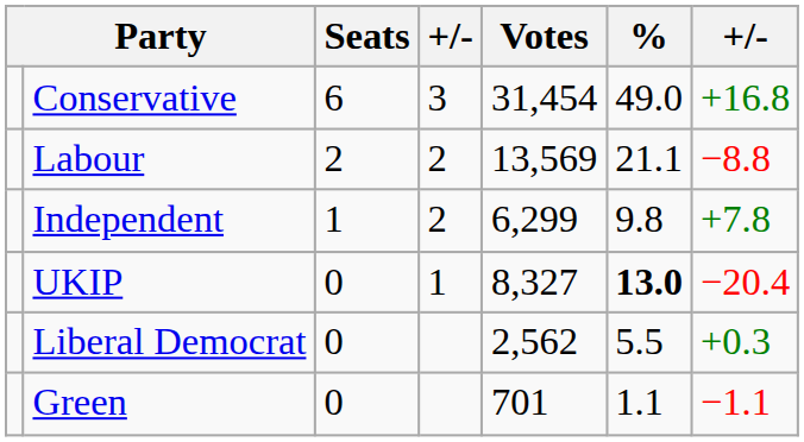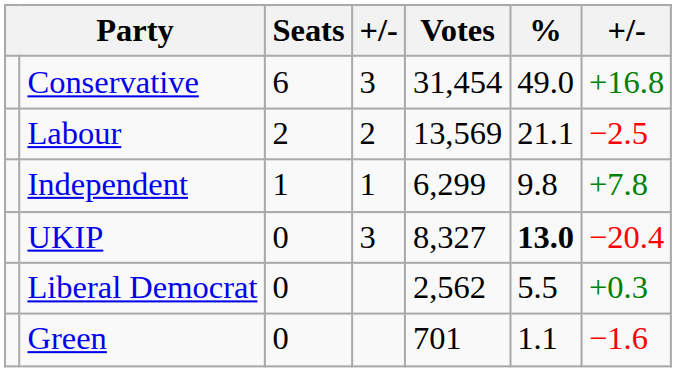 <table class="wikitable sortable">
 <tr>
 <th colspan="2">Party</th>
 <th>Seats</th>
 <th>+/-</th>
 <th>Votes</th>
 <th>%</th>
 <th>+/-</th>
 </tr>
 <tr>
 <td style="background-color: "></td>
 <td><a href='#'>Conservative</a></td>
 <td>6</td>
 <td> 3</td>
 <td>31,454</td>
 <td>49.0</td>
 <td style="color:green">+16.8</td>
 </tr>
 <tr>
 <td style="background-color: "></td>
 <td><a href='#'>Labour</a></td>
 <td>2</td>
 <td> 2</td>
 <td>13,569</td>
 <td>21.1</td>
-<td style="color:red">−8.8</td>
+<td style="color:red">−2.5</td>
 </tr>
 <tr>
 <td style="background-color: "></td>
 <td><a href='#'>Independent</a></td>
 <td>1</td>
-<td> 2</td>
+<td> 1</td>
 <td>6,299</td>
 <td>9.8</td>
 <td style="color:green">+7.8</td>
 </tr>
 <tr>
 <td style="background-color: "></td>
 <td><a href='#'>UKIP</a></td>
 <td>0</td>
-<td> 1</td>
+<td> 3</td>
 <td>8,327</td>
 <td><strong>13.0</strong></td>
 <td style="color:red">−20.4</td>
 </tr>
 <tr>
 <td style="background-color: "></td>
 <td><a href='#'>Liberal Democrat</a></td>
 <td>0</td>
 <td></td>
 <td>2,562</td>
 <td>5.5</td>
 <td style="color:green">+0.3</td>
 </tr>
 <tr>
 <td style="background-color: "></td>
 <td><a href='#'>Green</a></td>
 <td>0</td>
 <td></td>
 <td>701</td>
 <td>1.1</td>
-<td style="color:red">−1.1</td>
+<td style="color:red">−1.6</td>
 </tr>
 </table>
